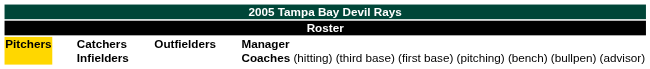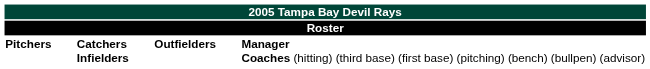 <table class="toccolours" style="font-size: 95%;">
 <tr>
 <th colspan="10" style="background-color: #004638; color: #FFFFFF; text-align: center;">2005 Tampa Bay Devil Rays</th>
 </tr>
 <tr>
 <td colspan="10" style="background-color: #000; color: #FFFFFF; text-align: center;"><strong>Roster</strong></td>
 </tr>
 <tr>
-<td valign="top" style="background: gold;"><strong>Pitchers</strong><br>                    </td>
+<td valign="top"><strong>Pitchers</strong><br>                    </td>
 <td width="25px"></td>
 <td valign="top"><strong>Catchers</strong><br>     <strong>Infielders</strong>         </td>
 <td width="25px"></td>
 <td valign="top"><strong>Outfielders</strong><br>       </td>
 <td width="25px"></td>
 <td valign="top"><strong>Manager</strong><br> <strong>Coaches</strong>  (hitting)  (third base)  (first base)  (pitching)  (bench)  (bullpen)  (advisor)</td>
 </tr>
 <tr>
 </tr>
 </table>
